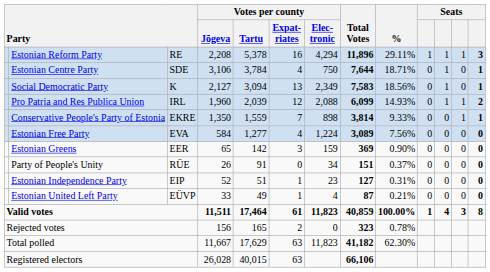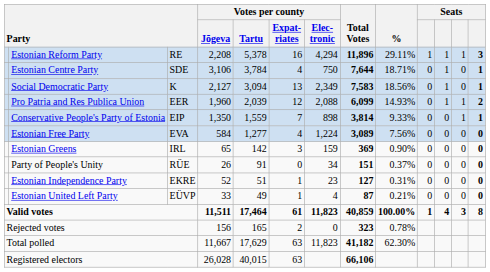 <table class="wikitable" border="1" style="text-align:right;">
 <tr>
 <th style="text-align:left;" valign=bottom rowspan=2 colspan=3>Party</th>
 <th colspan=4>Votes per county</th>
 <th align=center valign=bottom rowspan=2 width="50">Total Votes</th>
 <th align=center valign=bottom rowspan=2 width="50">%</th>
 <th colspan=4>Seats</th>
 </tr>
 <tr>
 <th align=center valign=bottom width="50"><a href='#'>Jõgeva</a></th>
 <th align=center valign=bottom width="50"><a href='#'>Tartu</a></th>
 <th align=center valign=bottom width="50"><a href='#'>Expat- riates</a></th>
 <th align=center valign=bottom width="50"><a href='#'>Elec- tronic</a></th>
 <th align=center valign=bottom width="20"><small></small></th>
 <th align=center valign=bottom width="20"><small></small></th>
 <th align=center valign=bottom width="20"><small></small></th>
 <th align=center valign=bottom width="20"><small></small></th>
 </tr>
 <tr style="background:#CEE0F2;">
 <td style="background:"></td>
 <td align=left><a href='#'>Estonian Reform Party</a></td>
 <td align=left>RE</td>
 <td>2,208</td>
 <td>5,378</td>
 <td>16</td>
 <td>4,294</td>
 <td><strong>11,896</strong></td>
 <td>29.11%</td>
 <td>1</td>
 <td>1</td>
 <td>1</td>
 <td><strong>3</strong></td>
 </tr>
 <tr style="background:#CEE0F2;">
 <td style="background:"></td>
 <td align=left><a href='#'>Estonian Centre Party</a></td>
 <td align=left>SDE</td>
 <td>3,106</td>
 <td>3,784</td>
 <td>4</td>
 <td>750</td>
 <td><strong>7,644</strong></td>
 <td>18.71%</td>
 <td>0</td>
 <td>1</td>
 <td>0</td>
 <td><strong>1</strong></td>
 </tr>
 <tr style="background:#CEE0F2;">
 <td style="background:"></td>
 <td align=left><a href='#'>Social Democratic Party</a></td>
 <td align=left>K</td>
 <td>2,127</td>
 <td>3,094</td>
 <td>13</td>
 <td>2,349</td>
 <td><strong>7,583</strong></td>
 <td>18.56%</td>
 <td>0</td>
 <td>1</td>
 <td>0</td>
 <td><strong>1</strong></td>
 </tr>
 <tr style="background:#CEE0F2;">
 <td style="background:"></td>
 <td align=left><a href='#'>Pro Patria and Res Publica Union</a></td>
-<td align=left>IRL</td>
+<td align=left>EER</td>
 <td>1,960</td>
 <td>2,039</td>
 <td>12</td>
 <td>2,088</td>
 <td><strong>6,099</strong></td>
 <td>14.93%</td>
 <td>0</td>
 <td>1</td>
 <td>1</td>
 <td><strong>2</strong></td>
 </tr>
 <tr style="background:#CEE0F2;">
 <td style="background:"></td>
 <td align=left><a href='#'>Conservative People's Party of Estonia</a></td>
-<td align=left>EKRE</td>
+<td align=left>EIP</td>
 <td>1,350</td>
 <td>1,559</td>
 <td>7</td>
 <td>898</td>
 <td><strong>3,814</strong></td>
 <td>9.33%</td>
 <td>0</td>
 <td>0</td>
 <td>1</td>
 <td><strong>1</strong></td>
 </tr>
 <tr style="background:#CEE0F2;">
 <td style="background:"></td>
 <td align=left><a href='#'>Estonian Free Party</a></td>
 <td align=left>EVA</td>
 <td>584</td>
 <td>1,277</td>
 <td>4</td>
 <td>1,224</td>
 <td><strong>3,089</strong></td>
 <td>7.56%</td>
 <td>0</td>
 <td>0</td>
 <td>0</td>
 <td><strong>0</strong></td>
 </tr>
 <tr>
 <td style="background:"></td>
 <td align=left><a href='#'>Estonian Greens</a></td>
-<td align=left>EER</td>
+<td align=left>IRL</td>
 <td>65</td>
 <td>142</td>
 <td>3</td>
 <td>159</td>
 <td><strong>369</strong></td>
 <td>0.90%</td>
 <td>0</td>
 <td>0</td>
 <td>0</td>
 <td><strong>0</strong></td>
 </tr>
 <tr>
 <td></td>
 <td align=left>Party of People's Unity</td>
 <td align=left>RÜE</td>
 <td>26</td>
 <td>91</td>
 <td>0</td>
 <td>34</td>
 <td><strong>151</strong></td>
 <td>0.37%</td>
 <td>0</td>
 <td>0</td>
 <td>0</td>
 <td><strong>0</strong></td>
 </tr>
 <tr>
 <td style="background:"></td>
 <td align=left><a href='#'>Estonian Independence Party</a></td>
-<td align=left>EIP</td>
+<td align=left>EKRE</td>
 <td>52</td>
 <td>51</td>
 <td>1</td>
 <td>23</td>
 <td><strong>127</strong></td>
 <td>0.31%</td>
 <td>0</td>
 <td>0</td>
 <td>0</td>
 <td><strong>0</strong></td>
 </tr>
 <tr>
 <td style="background:"></td>
 <td align=left><a href='#'>Estonian United Left Party</a></td>
 <td align=left>EÜVP</td>
 <td>33</td>
 <td>49</td>
 <td>1</td>
 <td>4</td>
 <td><strong>87</strong></td>
 <td>0.21%</td>
 <td>0</td>
 <td>0</td>
 <td>0</td>
 <td><strong>0</strong></td>
 </tr>
 <tr style="font-weight:bold">
 <td align=left colspan=3>Valid votes</td>
 <td>11,511</td>
 <td>17,464</td>
 <td>61</td>
 <td>11,823</td>
 <td>40,859</td>
 <td>100.00%</td>
 <td>1</td>
 <td>4</td>
 <td>3</td>
 <td>8</td>
 </tr>
 <tr>
 <td align=left colspan=3>Rejected votes</td>
 <td>156</td>
 <td>165</td>
 <td>2</td>
 <td>0</td>
 <td><strong>323</strong></td>
 <td>0.78%</td>
 <td></td>
 <td></td>
 <td></td>
 <td></td>
 </tr>
 <tr>
 <td align=left colspan=3>Total polled</td>
 <td>11,667</td>
 <td>17,629</td>
 <td>63</td>
 <td>11,823</td>
 <td><strong>41,182</strong></td>
 <td>62.30%</td>
 <td></td>
 <td></td>
 <td></td>
 <td></td>
 </tr>
 <tr>
 <td align=left colspan=3>Registered electors</td>
 <td>26,028</td>
 <td>40,015</td>
 <td>63</td>
 <td></td>
 <td><strong>66,106</strong></td>
 <td></td>
 <td></td>
 <td></td>
 <td></td>
 <td></td>
 </tr>
 </table>
